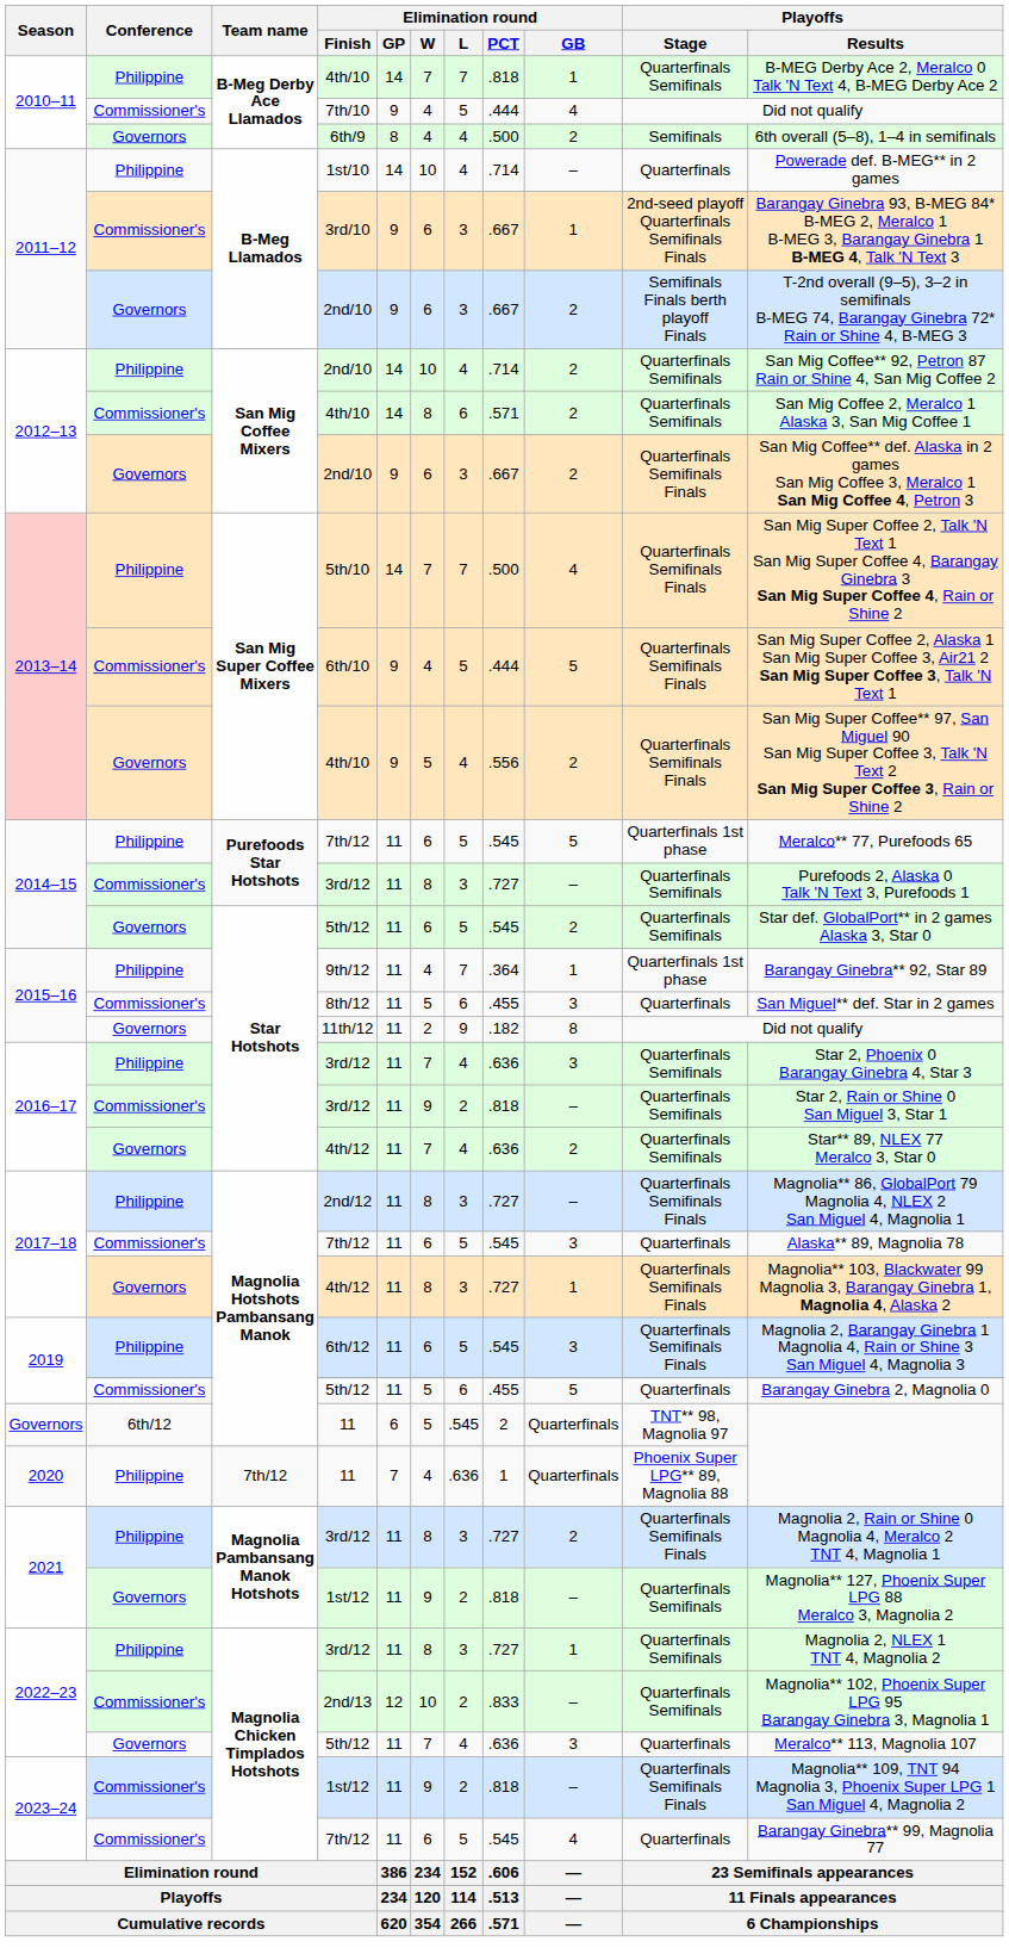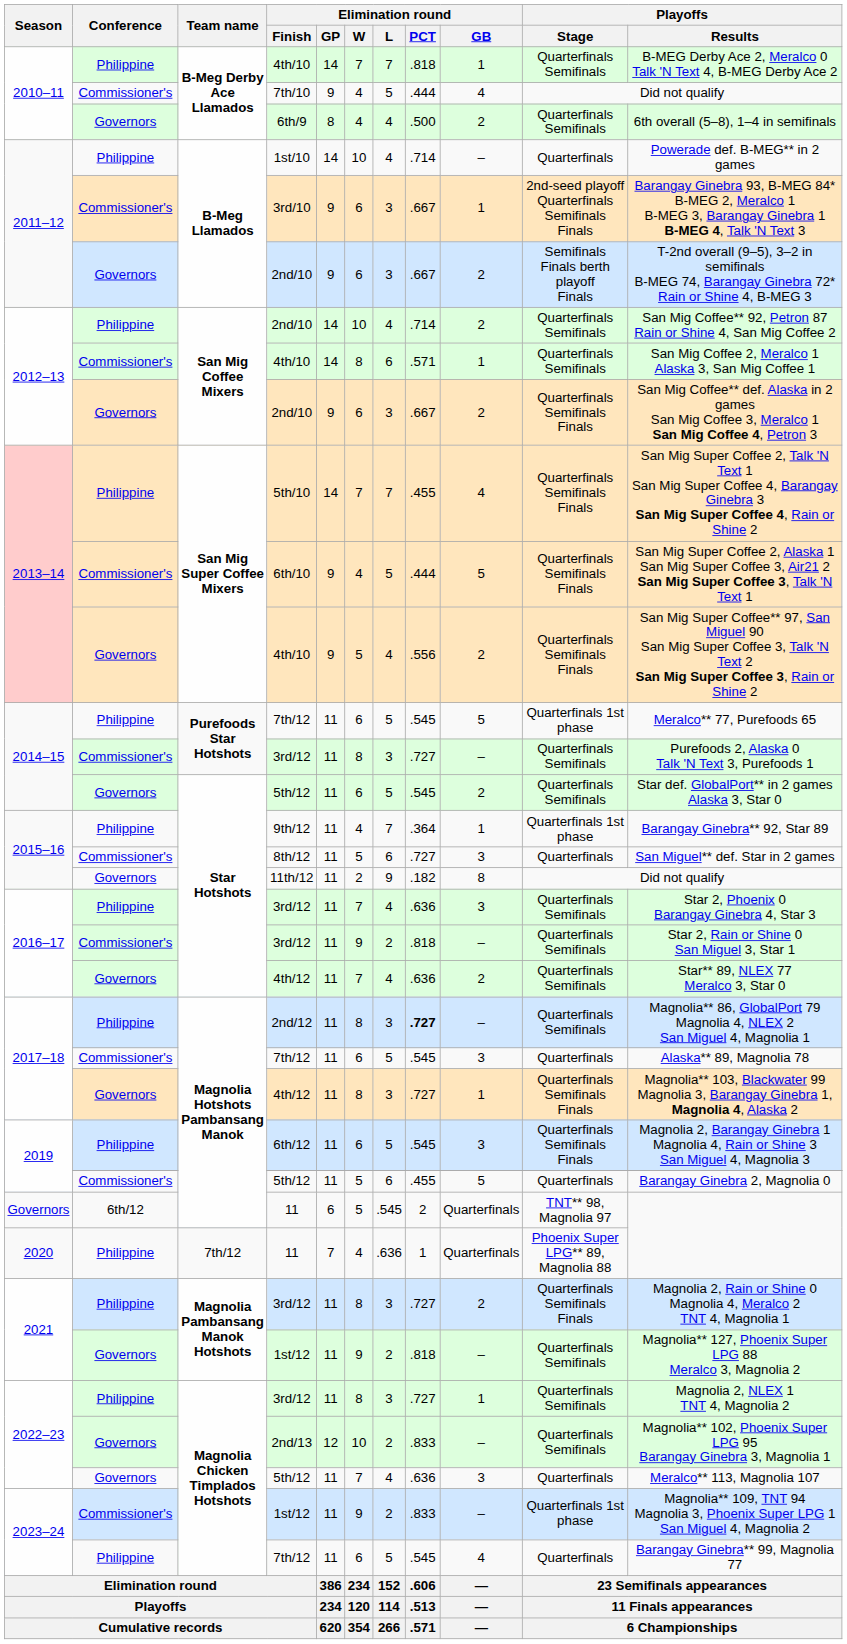 <table class=wikitable style="text-align:center;">
 <tr>
 <th width=50px rowspan=2>Season</th>
 <th width=120px rowspan=2>Conference</th>
 <th width=60px rowspan=2>Team name</th>
 <th colspan=6>Elimination round</th>
 <th colspan=2>Playoffs</th>
 </tr>
 <tr>
 <th width=50px>Finish</th>
 <th width=20px>GP</th>
 <th width=20px>W</th>
 <th width=20px>L</th>
 <th width=35px><a href='#'>PCT</a></th>
 <th width=30px><a href='#'>GB</a></th>
 <th width=120px>Stage</th>
 <th width=250px>Results</th>
 </tr>
 <tr bgcolor=#DDFFDD>
 <td bgcolor=#fefefe rowspan=3><a href='#'>2010–11</a></td>
 <td><a href='#'>Philippine</a></td>
 <td rowspan=3 bgcolor=fefefe><strong>B-Meg Derby Ace Llamados</strong></td>
 <td>4th/10</td>
 <td>14</td>
 <td>7</td>
 <td>7</td>
 <td>.818</td>
 <td>1</td>
 <td>Quarterfinals<br>Semifinals</td>
 <td>B-MEG Derby Ace 2, <a href='#'>Meralco</a> 0<br><a href='#'>Talk 'N Text</a> 4, B-MEG Derby Ace 2</td>
 </tr>
 <tr>
 <td><a href='#'>Commissioner's</a></td>
 <td>7th/10</td>
 <td>9</td>
 <td>4</td>
 <td>5</td>
 <td>.444</td>
 <td>4</td>
 <td colspan=2>Did not qualify</td>
 </tr>
 <tr bgcolor=#DDFFDD>
 <td><a href='#'>Governors</a></td>
 <td>6th/9</td>
 <td>8</td>
 <td>4</td>
 <td>4</td>
 <td>.500</td>
 <td>2</td>
-<td>Semifinals</td>
+<td>Quarterfinals<br>Semifinals</td>
 <td>6th overall (5–8), 1–4 in semifinals</td>
 </tr>
 <tr>
 <td rowspan=3><a href='#'>2011–12</a></td>
 <td><a href='#'>Philippine</a></td>
 <td rowspan=3 bgcolor=fefefe><strong>B-Meg Llamados</strong></td>
 <td>1st/10</td>
 <td>14</td>
 <td>10</td>
 <td>4</td>
 <td>.714</td>
 <td>–</td>
 <td>Quarterfinals</td>
 <td><a href='#'>Powerade</a> def. B-MEG** in 2 games</td>
 </tr>
 <tr bgcolor=#FFE6BD>
 <td><a href='#'>Commissioner's</a></td>
 <td>3rd/10</td>
 <td>9</td>
 <td>6</td>
 <td>3</td>
 <td>.667</td>
 <td>1</td>
 <td>2nd-seed playoff<br>Quarterfinals<br>Semifinals<br>Finals</td>
 <td><a href='#'>Barangay Ginebra</a> 93, B-MEG 84*<br>B-MEG 2, <a href='#'>Meralco</a> 1<br>B-MEG 3, <a href='#'>Barangay Ginebra</a> 1<br><strong>B-MEG 4</strong>, <a href='#'>Talk 'N Text</a> 3</td>
 </tr>
 <tr bgcolor=#D0E7FF>
 <td><a href='#'>Governors</a></td>
 <td>2nd/10</td>
 <td>9</td>
 <td>6</td>
 <td>3</td>
 <td>.667</td>
 <td>2</td>
 <td>Semifinals<br>Finals berth playoff<br>Finals</td>
 <td>T-2nd overall (9–5), 3–2 in semifinals<br>B-MEG 74, <a href='#'>Barangay Ginebra</a> 72*<br><a href='#'>Rain or Shine</a> 4, B-MEG 3</td>
 </tr>
 <tr bgcolor=#DDFFDD>
 <td bgcolor=#fefefe rowspan=3><a href='#'>2012–13</a></td>
 <td><a href='#'>Philippine</a></td>
 <td bgcolor=#fefefe rowspan=3><strong>San Mig Coffee Mixers</strong></td>
 <td>2nd/10</td>
 <td>14</td>
 <td>10</td>
 <td>4</td>
 <td>.714</td>
 <td>2</td>
 <td>Quarterfinals<br>Semifinals</td>
 <td>San Mig Coffee** 92, <a href='#'>Petron</a> 87<br><a href='#'>Rain or Shine</a> 4, San Mig Coffee 2</td>
 </tr>
 <tr bgcolor=#DDFFDD>
 <td><a href='#'>Commissioner's</a></td>
 <td>4th/10</td>
 <td>14</td>
 <td>8</td>
 <td>6</td>
 <td>.571</td>
-<td>2</td>
+<td>1</td>
 <td>Quarterfinals<br>Semifinals</td>
 <td>San Mig Coffee 2, <a href='#'>Meralco</a> 1<br><a href='#'>Alaska</a> 3, San Mig Coffee 1</td>
 </tr>
 <tr bgcolor=#FFE6BD>
 <td><a href='#'>Governors</a></td>
 <td>2nd/10</td>
 <td>9</td>
 <td>6</td>
 <td>3</td>
 <td>.667</td>
 <td>2</td>
 <td>Quarterfinals<br>Semifinals<br>Finals</td>
 <td>San Mig Coffee** def. <a href='#'>Alaska</a> in 2 games<br>San Mig Coffee 3, <a href='#'>Meralco</a> 1<br><strong>San Mig Coffee 4</strong>, <a href='#'>Petron</a> 3</td>
 </tr>
 <tr bgcolor=#FFE6BD>
 <td bgcolor=#FFCCCC rowspan=3><a href='#'>2013–14</a></td>
 <td><a href='#'>Philippine</a></td>
 <td bgcolor=#fefefe rowspan=3><strong>San Mig Super Coffee Mixers</strong></td>
 <td>5th/10</td>
 <td>14</td>
 <td>7</td>
 <td>7</td>
-<td>.500</td>
+<td>.455</td>
 <td>4</td>
 <td>Quarterfinals<br>Semifinals<br>Finals</td>
 <td>San Mig Super Coffee 2, <a href='#'>Talk 'N Text</a> 1<br>San Mig Super Coffee 4, <a href='#'>Barangay Ginebra</a> 3<br><strong>San Mig Super Coffee 4</strong>, <a href='#'>Rain or Shine</a> 2</td>
 </tr>
 <tr bgcolor=#FFE6BD>
 <td><a href='#'>Commissioner's</a></td>
 <td>6th/10</td>
 <td>9</td>
 <td>4</td>
 <td>5</td>
 <td>.444</td>
 <td>5</td>
 <td>Quarterfinals<br>Semifinals<br>Finals</td>
 <td>San Mig Super Coffee 2, <a href='#'>Alaska</a> 1<br>San Mig Super Coffee 3, <a href='#'>Air21</a> 2<br><strong>San Mig Super Coffee 3</strong>, <a href='#'>Talk 'N Text</a> 1</td>
 </tr>
 <tr bgcolor=#FFE6BD>
 <td><a href='#'>Governors</a></td>
 <td>4th/10</td>
 <td>9</td>
 <td>5</td>
 <td>4</td>
 <td>.556</td>
 <td>2</td>
 <td>Quarterfinals<br>Semifinals<br>Finals</td>
 <td>San Mig Super Coffee** 97, <a href='#'>San Miguel</a> 90<br>San Mig Super Coffee 3, <a href='#'>Talk 'N Text</a> 2<br><strong>San Mig Super Coffee 3</strong>, <a href='#'>Rain or Shine</a> 2</td>
 </tr>
 <tr>
 <td rowspan=3><a href='#'>2014–15</a></td>
 <td><a href='#'>Philippine</a></td>
 <td rowspan=2><strong>Purefoods Star Hotshots</strong></td>
 <td>7th/12</td>
 <td>11</td>
 <td>6</td>
 <td>5</td>
 <td>.545</td>
 <td>5</td>
 <td>Quarterfinals 1st phase</td>
 <td><a href='#'>Meralco</a>** 77, Purefoods 65</td>
 </tr>
 <tr bgcolor=#DDFFDD>
 <td><a href='#'>Commissioner's</a></td>
 <td>3rd/12</td>
 <td>11</td>
 <td>8</td>
 <td>3</td>
 <td>.727</td>
 <td>–</td>
 <td>Quarterfinals<br>Semifinals</td>
 <td>Purefoods 2, <a href='#'>Alaska</a> 0<br><a href='#'>Talk 'N Text</a> 3, Purefoods 1</td>
 </tr>
 <tr bgcolor=#DDFFDD>
 <td><a href='#'>Governors</a></td>
 <td bgcolor=fefefe rowspan=7><strong>Star Hotshots</strong></td>
 <td>5th/12</td>
 <td>11</td>
 <td>6</td>
 <td>5</td>
 <td>.545</td>
 <td>2</td>
 <td>Quarterfinals<br>Semifinals</td>
 <td>Star def. <a href='#'>GlobalPort</a>** in 2 games<br><a href='#'>Alaska</a> 3, Star 0</td>
 </tr>
 <tr>
 <td rowspan=3><a href='#'>2015–16</a></td>
 <td><a href='#'>Philippine</a></td>
 <td>9th/12</td>
 <td>11</td>
 <td>4</td>
 <td>7</td>
 <td>.364</td>
 <td>1</td>
 <td>Quarterfinals 1st phase</td>
 <td><a href='#'>Barangay Ginebra</a>** 92, Star 89</td>
 </tr>
 <tr>
 <td><a href='#'>Commissioner's</a></td>
 <td>8th/12</td>
 <td>11</td>
 <td>5</td>
 <td>6</td>
-<td>.455</td>
+<td>.727</td>
 <td>3</td>
 <td>Quarterfinals</td>
 <td><a href='#'>San Miguel</a>** def. Star in 2 games</td>
 </tr>
 <tr>
 <td><a href='#'>Governors</a></td>
 <td>11th/12</td>
 <td>11</td>
 <td>2</td>
 <td>9</td>
 <td>.182</td>
 <td>8</td>
 <td colspan=2>Did not qualify</td>
 </tr>
 <tr bgcolor=#DDFFDD>
 <td bgcolor=#fefefe rowspan=3><a href='#'>2016–17</a></td>
 <td><a href='#'>Philippine</a></td>
 <td>3rd/12</td>
 <td>11</td>
 <td>7</td>
 <td>4</td>
 <td>.636</td>
 <td>3</td>
 <td>Quarterfinals<br>Semifinals</td>
 <td>Star 2, <a href='#'>Phoenix</a> 0<br><a href='#'>Barangay Ginebra</a> 4, Star 3</td>
 </tr>
 <tr bgcolor=#DDFFDD>
 <td><a href='#'>Commissioner's</a></td>
 <td>3rd/12</td>
 <td>11</td>
 <td>9</td>
 <td>2</td>
 <td>.818</td>
 <td>–</td>
 <td>Quarterfinals<br>Semifinals</td>
 <td>Star 2, <a href='#'>Rain or Shine</a> 0<br><a href='#'>San Miguel</a> 3, Star 1</td>
 </tr>
 <tr bgcolor=#DDFFDD>
 <td><a href='#'>Governors</a></td>
 <td>4th/12</td>
 <td>11</td>
 <td>7</td>
 <td>4</td>
 <td>.636</td>
 <td>2</td>
 <td>Quarterfinals<br>Semifinals</td>
 <td>Star** 89, <a href='#'>NLEX</a> 77<br><a href='#'>Meralco</a> 3, Star 0</td>
 </tr>
 <tr bgcolor=#D0E7FF>
 <td bgcolor=#fefefe rowspan=3><a href='#'>2017–18</a></td>
 <td><a href='#'>Philippine</a></td>
 <td bgcolor=#fefefe rowspan=7><strong>Magnolia Hotshots Pambansang Manok</strong></td>
 <td>2nd/12</td>
 <td>11</td>
 <td>8</td>
 <td>3</td>
-<td>.727</td>
+<td><strong>.727</strong></td>
 <td>–</td>
-<td>Quarterfinals<br>Semifinals<br>Finals</td>
+<td>Quarterfinals<br>Semifinals</td>
 <td>Magnolia** 86, <a href='#'>GlobalPort</a> 79<br>Magnolia 4, <a href='#'>NLEX</a> 2<br><a href='#'>San Miguel</a> 4, Magnolia 1</td>
 </tr>
 <tr>
 <td><a href='#'>Commissioner's</a></td>
 <td>7th/12</td>
 <td>11</td>
 <td>6</td>
 <td>5</td>
 <td>.545</td>
 <td>3</td>
 <td>Quarterfinals</td>
 <td><a href='#'>Alaska</a>** 89, Magnolia 78</td>
 </tr>
 <tr bgcolor=#FFE6BD>
 <td><a href='#'>Governors</a></td>
 <td>4th/12</td>
 <td>11</td>
 <td>8</td>
 <td>3</td>
 <td>.727</td>
 <td>1</td>
 <td>Quarterfinals<br>Semifinals<br>Finals</td>
 <td>Magnolia** 103, <a href='#'>Blackwater</a> 99<br>Magnolia 3, <a href='#'>Barangay Ginebra</a> 1,<br><strong>Magnolia 4</strong>, <a href='#'>Alaska</a> 2</td>
 </tr>
 <tr bgcolor=#D0E7FF>
 <td bgcolor=#fefefe rowspan=3><a href='#'>2019</a></td>
 <td><a href='#'>Philippine</a></td>
 <td>6th/12</td>
 <td>11</td>
 <td>6</td>
 <td>5</td>
 <td>.545</td>
 <td>3</td>
 <td>Quarterfinals<br>Semifinals<br>Finals</td>
 <td>Magnolia 2, <a href='#'>Barangay Ginebra</a> 1<br>Magnolia 4, <a href='#'>Rain or Shine</a> 3<br><a href='#'>San Miguel</a> 4, Magnolia 3</td>
 </tr>
 <tr bgcolor=#D0E7FF>
 </tr>
 <tr>
 <td><a href='#'>Commissioner's</a></td>
 <td>5th/12</td>
 <td>11</td>
 <td>5</td>
 <td>6</td>
 <td>.455</td>
 <td>5</td>
 <td>Quarterfinals</td>
 <td><a href='#'>Barangay Ginebra</a> 2, Magnolia 0</td>
 </tr>
 <tr>
 <td><a href='#'>Governors</a></td>
 <td>6th/12</td>
 <td>11</td>
 <td>6</td>
 <td>5</td>
 <td>.545</td>
 <td>2</td>
 <td>Quarterfinals</td>
 <td><a href='#'>TNT</a>** 98, Magnolia 97</td>
 </tr>
 <tr>
 <td><a href='#'>2020</a></td>
 <td><a href='#'>Philippine</a></td>
 <td>7th/12</td>
 <td>11</td>
 <td>7</td>
 <td>4</td>
 <td>.636</td>
 <td>1</td>
 <td>Quarterfinals</td>
 <td><a href='#'>Phoenix Super LPG</a>** 89, Magnolia 88</td>
 </tr>
 <tr bgcolor=#D0E7FF>
 <td bgcolor=#fefefe rowspan=2><a href='#'>2021</a></td>
 <td><a href='#'>Philippine</a></td>
 <td bgcolor=#fefefe rowspan=2><strong>Magnolia Pambansang Manok Hotshots</strong></td>
 <td>3rd/12</td>
 <td>11</td>
 <td>8</td>
 <td>3</td>
 <td>.727</td>
 <td>2</td>
 <td>Quarterfinals<br>Semifinals<br>Finals</td>
 <td>Magnolia 2, <a href='#'>Rain or Shine</a> 0<br>Magnolia 4, <a href='#'>Meralco</a> 2<br><a href='#'>TNT</a> 4, Magnolia 1</td>
 </tr>
 <tr bgcolor=#DDFFDD>
 <td><a href='#'>Governors</a></td>
 <td>1st/12</td>
 <td>11</td>
 <td>9</td>
 <td>2</td>
 <td>.818</td>
 <td>–</td>
 <td>Quarterfinals<br>Semifinals</td>
 <td>Magnolia** 127, <a href='#'>Phoenix Super LPG</a> 88<br><a href='#'>Meralco</a> 3, Magnolia 2</td>
 </tr>
 <tr bgcolor=#DDFFDD>
 <td bgcolor=#fefefe rowspan=3><a href='#'>2022–23</a></td>
 <td><a href='#'>Philippine</a></td>
 <td bgcolor=#fefefe rowspan=5><strong>Magnolia Chicken Timplados Hotshots</strong></td>
 <td>3rd/12</td>
 <td>11</td>
 <td>8</td>
 <td>3</td>
 <td>.727</td>
 <td>1</td>
 <td>Quarterfinals<br>Semifinals</td>
 <td>Magnolia 2, <a href='#'>NLEX</a> 1<br><a href='#'>TNT</a> 4, Magnolia 2</td>
 </tr>
 <tr bgcolor=#DDFFDD>
-<td><a href='#'>Commissioner's</a></td>
+<td><a href='#'>Governors</a></td>
 <td>2nd/13</td>
 <td>12</td>
 <td>10</td>
 <td>2</td>
 <td>.833</td>
 <td>–</td>
 <td>Quarterfinals<br>Semifinals</td>
 <td>Magnolia** 102, <a href='#'>Phoenix Super LPG</a> 95<br><a href='#'>Barangay Ginebra</a> 3, Magnolia 1</td>
 </tr>
 <tr>
 <td><a href='#'>Governors</a></td>
 <td>5th/12</td>
 <td>11</td>
 <td>7</td>
 <td>4</td>
 <td>.636</td>
 <td>3</td>
 <td>Quarterfinals</td>
 <td><a href='#'>Meralco</a>** 113, Magnolia 107</td>
 </tr>
 <tr bgcolor=#D0E7FF>
 <td bgcolor=#fefefe rowspan=2><a href='#'>2023–24</a></td>
 <td><a href='#'>Commissioner's</a></td>
 <td>1st/12</td>
 <td>11</td>
 <td>9</td>
 <td>2</td>
-<td>.818</td>
+<td>.833</td>
 <td>–</td>
-<td>Quarterfinals<br>Semifinals<br>Finals</td>
+<td>Quarterfinals 1st phase</td>
 <td>Magnolia** 109, <a href='#'>TNT</a> 94<br>Magnolia 3, <a href='#'>Phoenix Super LPG</a> 1<br><a href='#'>San Miguel</a> 4, Magnolia 2</td>
 </tr>
 <tr>
-<td><a href='#'>Commissioner's</a></td>
+<td><a href='#'>Philippine</a></td>
 <td>7th/12</td>
 <td>11</td>
 <td>6</td>
 <td>5</td>
 <td>.545</td>
 <td>4</td>
 <td>Quarterfinals</td>
 <td><a href='#'>Barangay Ginebra</a>** 99, Magnolia 77</td>
 </tr>
 <tr>
 <th colspan=4>Elimination round</th>
 <th>386</th>
 <th>234</th>
 <th>152</th>
 <th>.606</th>
 <th>—</th>
 <th colspan=2>23 Semifinals appearances</th>
 </tr>
 <tr>
 <th colspan=4>Playoffs</th>
 <th>234</th>
 <th>120</th>
 <th>114</th>
 <th>.513</th>
 <th>—</th>
 <th colspan=2>11 Finals appearances</th>
 </tr>
 <tr>
 <th colspan=4>Cumulative records</th>
 <th>620</th>
 <th>354</th>
 <th>266</th>
 <th>.571</th>
 <th>—</th>
 <th colspan=2>6 Championships</th>
 </tr>
 </table>
